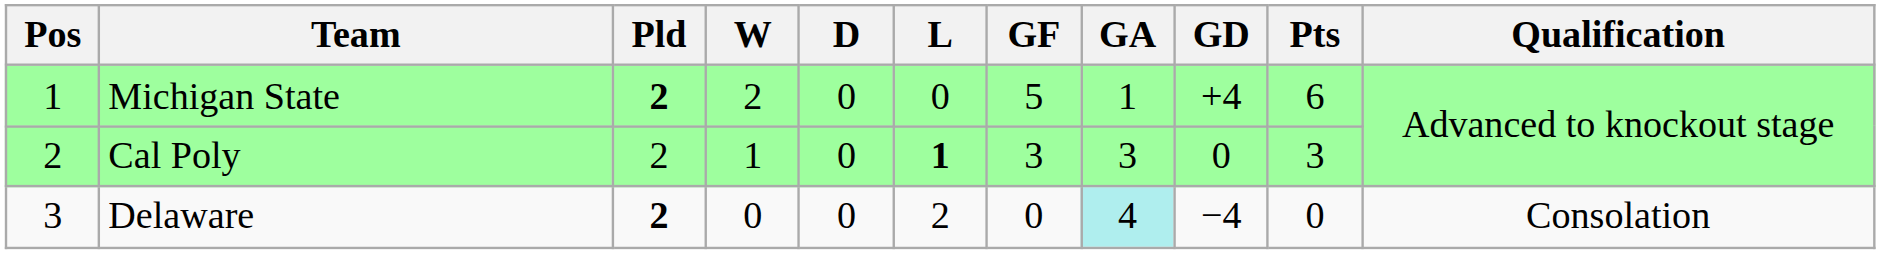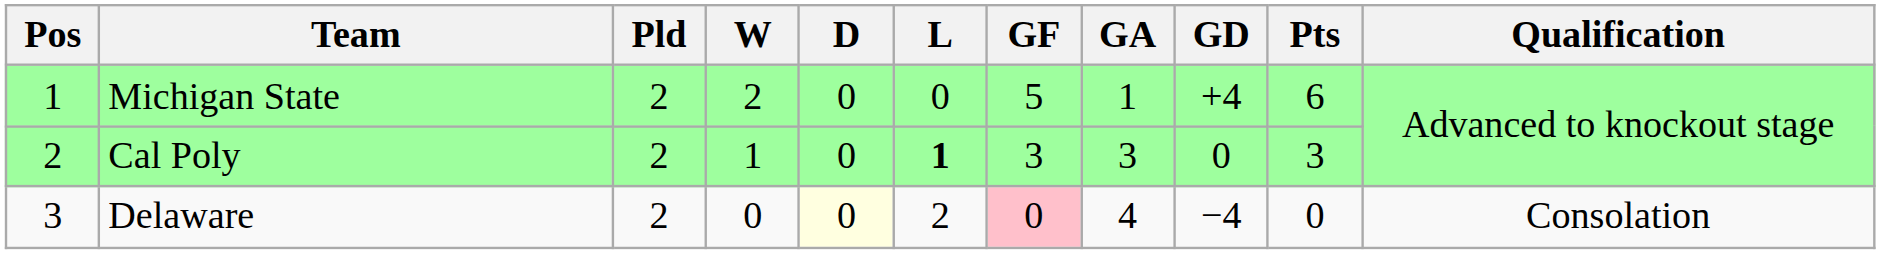 <table class="wikitable" style="text-align:center; margin: 1em auto">
 <tr>
 <th style="width:2em">Pos</th>
 <th style="width:13em">Team</th>
 <th style="width:2em">Pld</th>
 <th style="width:2em">W</th>
 <th style="width:2em">D</th>
 <th style="width:2em">L</th>
 <th style="width:2em">GF</th>
 <th style="width:2em">GA</th>
 <th style="width:2em">GD</th>
 <th style="width:2em">Pts</th>
 <th style="width:13em">Qualification</th>
 </tr>
 <tr bgcolor="#9eff9e">
 <td>1</td>
 <td style="text-align:left">Michigan State</td>
-<td><strong>2</strong></td>
+<td>2</td>
 <td>2</td>
 <td>0</td>
 <td>0</td>
 <td>5</td>
 <td>1</td>
 <td>+4</td>
 <td>6</td>
 <td rowspan="2">Advanced to knockout stage</td>
 </tr>
 <tr bgcolor="#9eff9e">
 <td>2</td>
 <td style="text-align:left">Cal Poly</td>
 <td>2</td>
 <td>1</td>
 <td>0</td>
 <td><strong>1</strong></td>
 <td>3</td>
 <td>3</td>
 <td>0</td>
 <td>3</td>
 </tr>
 <tr>
 <td>3</td>
 <td style="text-align:left">Delaware</td>
-<td><strong>2</strong></td>
-<td>0</td>
-<td>0</td>
 <td>2</td>
 <td>0</td>
-<td style="background: paleturquoise;">4</td>
+<td style="background: lightyellow;">0</td>
+<td>2</td>
+<td style="background: pink;">0</td>
+<td>4</td>
 <td>−4</td>
 <td>0</td>
 <td>Consolation</td>
 </tr>
 </table>
